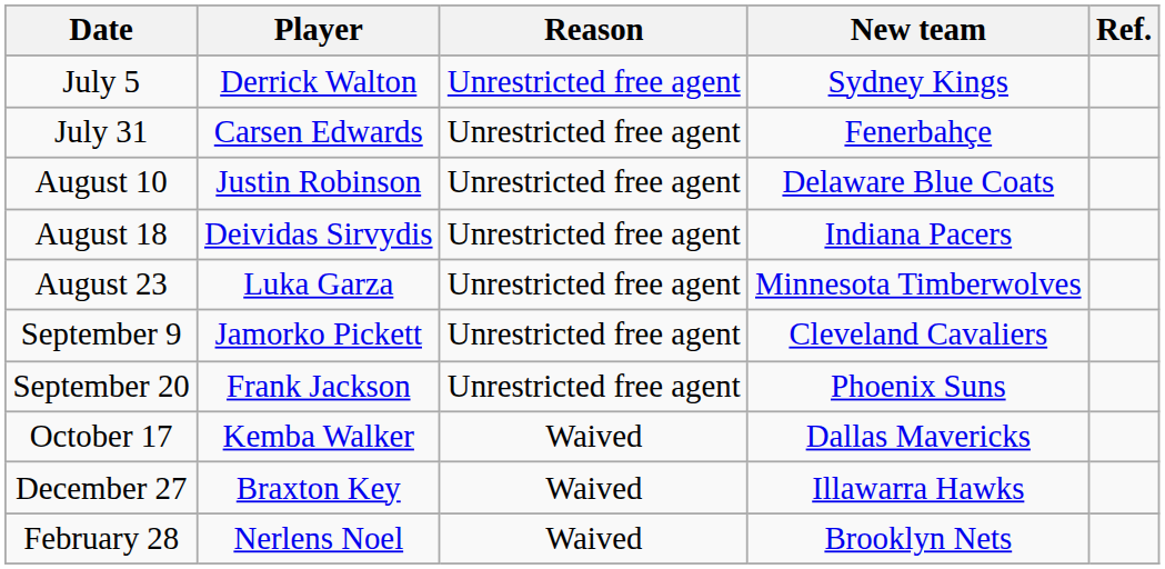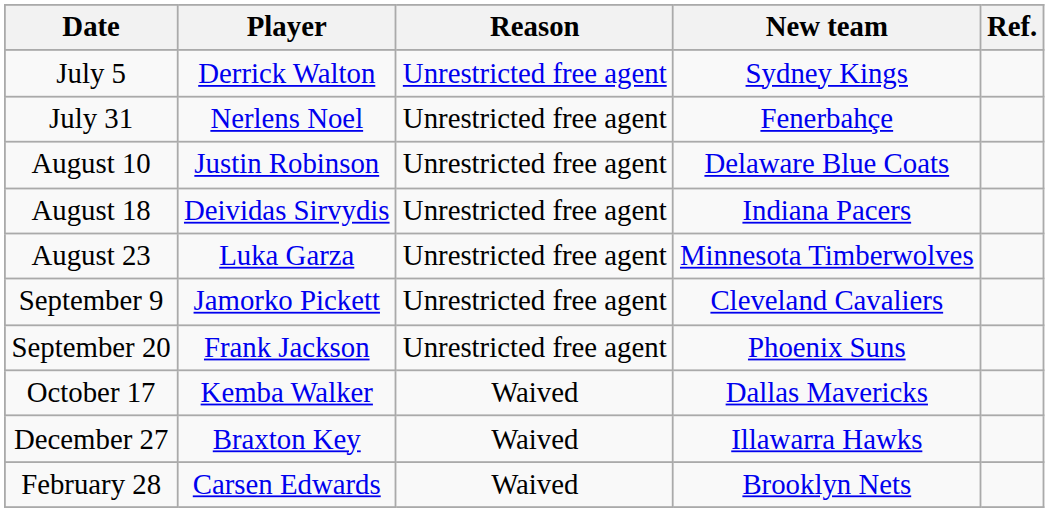 <table class="wikitable sortable sortable" style="text-align: center">
 <tr>
 <th>Date</th>
 <th>Player</th>
 <th>Reason</th>
 <th>New team</th>
 <th>Ref.</th>
 </tr>
 <tr>
 <td>July 5</td>
 <td><a href='#'>Derrick Walton</a></td>
 <td><a href='#'>Unrestricted free agent</a></td>
 <td> <a href='#'>Sydney Kings</a></td>
 <td></td>
 </tr>
 <tr>
 <td>July 31</td>
-<td><a href='#'>Carsen Edwards</a></td>
+<td><a href='#'>Nerlens Noel</a></td>
 <td>Unrestricted free agent</td>
 <td> <a href='#'>Fenerbahçe</a></td>
 <td></td>
 </tr>
 <tr>
 <td>August 10</td>
 <td><a href='#'>Justin Robinson</a></td>
 <td>Unrestricted free agent</td>
 <td><a href='#'>Delaware Blue Coats</a></td>
 <td></td>
 </tr>
 <tr>
 <td>August 18</td>
 <td><a href='#'>Deividas Sirvydis</a></td>
 <td>Unrestricted free agent</td>
 <td><a href='#'>Indiana Pacers</a></td>
 <td></td>
 </tr>
 <tr>
 <td>August 23</td>
 <td><a href='#'>Luka Garza</a></td>
 <td>Unrestricted free agent</td>
 <td><a href='#'>Minnesota Timberwolves</a></td>
 <td></td>
 </tr>
 <tr>
 <td>September 9</td>
 <td><a href='#'>Jamorko Pickett</a></td>
 <td>Unrestricted free agent</td>
 <td><a href='#'>Cleveland Cavaliers</a></td>
 <td></td>
 </tr>
 <tr>
 <td>September 20</td>
 <td><a href='#'>Frank Jackson</a></td>
 <td>Unrestricted free agent</td>
 <td><a href='#'>Phoenix Suns</a></td>
 <td></td>
 </tr>
 <tr>
 <td>October 17</td>
 <td><a href='#'>Kemba Walker</a></td>
 <td>Waived</td>
 <td><a href='#'>Dallas Mavericks</a></td>
 <td></td>
 </tr>
 <tr>
 <td>December 27</td>
 <td><a href='#'>Braxton Key</a></td>
 <td>Waived</td>
 <td> <a href='#'>Illawarra Hawks</a></td>
 <td></td>
 </tr>
 <tr>
 <td>February 28</td>
-<td><a href='#'>Nerlens Noel</a></td>
+<td><a href='#'>Carsen Edwards</a></td>
 <td>Waived</td>
 <td><a href='#'>Brooklyn Nets</a></td>
 <td></td>
 </tr>
 </table>
